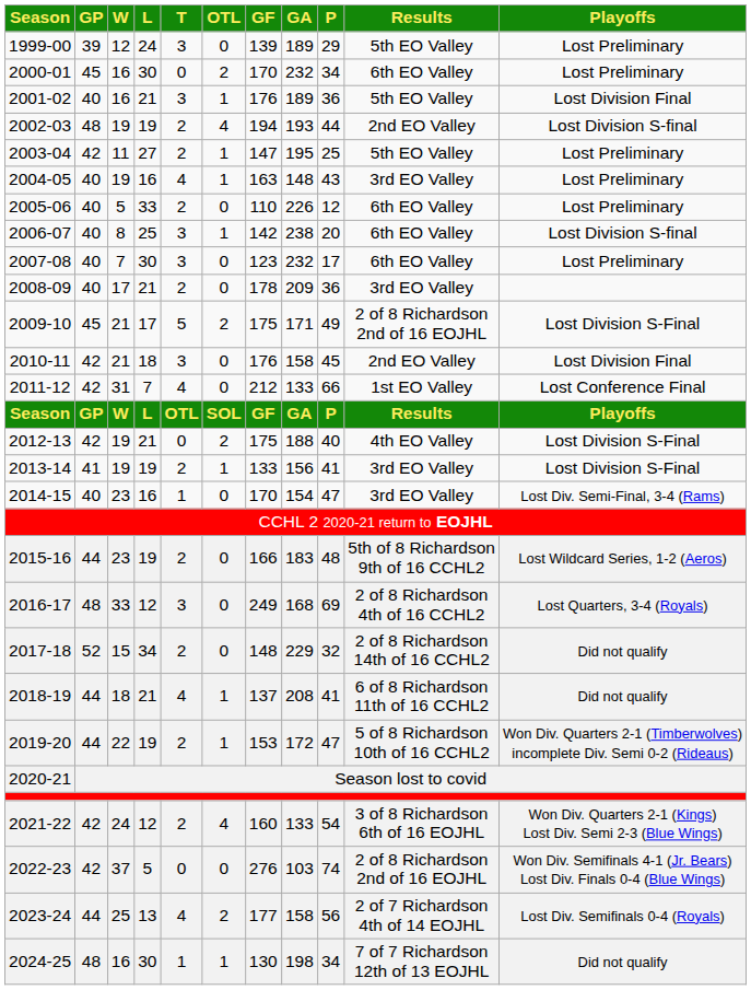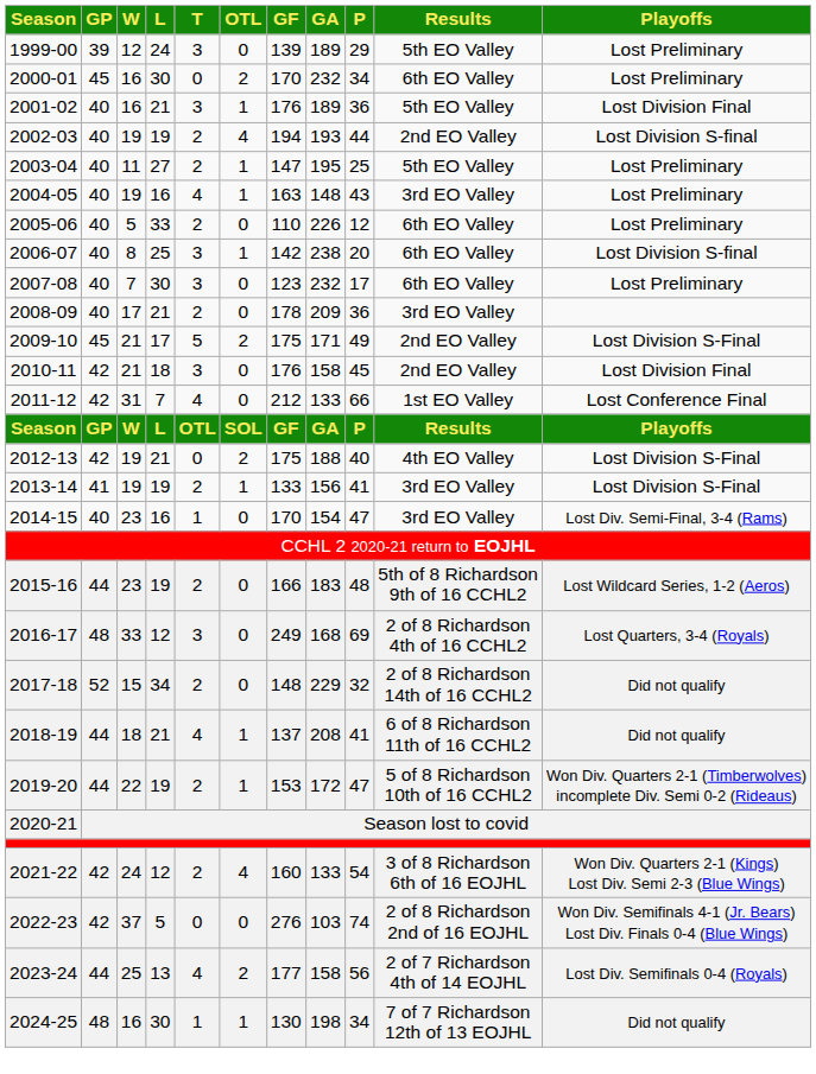 <table class="wikitable">
 <tr align="center" style="color: #FBEC5D" bgcolor="#138808">
 <td><strong>Season</strong></td>
 <td><strong>GP</strong></td>
 <td><strong>W</strong></td>
 <td><strong>L</strong></td>
 <td><strong>T</strong></td>
 <td><strong>OTL</strong></td>
 <td><strong>GF</strong></td>
 <td><strong>GA</strong></td>
 <td><strong>P</strong></td>
 <td><strong>Results</strong></td>
 <td><strong>Playoffs</strong></td>
 </tr>
 <tr align="center">
 <td>1999-00</td>
 <td>39</td>
 <td>12</td>
 <td>24</td>
 <td>3</td>
 <td>0</td>
 <td>139</td>
 <td>189</td>
 <td>29</td>
 <td>5th EO Valley</td>
 <td>Lost Preliminary</td>
 </tr>
 <tr align="center">
 <td>2000-01</td>
 <td>45</td>
 <td>16</td>
 <td>30</td>
 <td>0</td>
 <td>2</td>
 <td>170</td>
 <td>232</td>
 <td>34</td>
 <td>6th EO Valley</td>
 <td>Lost Preliminary</td>
 </tr>
 <tr align="center">
 <td>2001-02</td>
 <td>40</td>
 <td>16</td>
 <td>21</td>
 <td>3</td>
 <td>1</td>
 <td>176</td>
 <td>189</td>
 <td>36</td>
 <td>5th EO Valley</td>
 <td>Lost Division Final</td>
 </tr>
 <tr align="center">
 <td>2002-03</td>
-<td>48</td>
+<td>40</td>
 <td>19</td>
 <td>19</td>
 <td>2</td>
 <td>4</td>
 <td>194</td>
 <td>193</td>
 <td>44</td>
 <td>2nd EO Valley</td>
 <td>Lost Division S-final</td>
 </tr>
 <tr align="center">
 <td>2003-04</td>
-<td>42</td>
+<td>40</td>
 <td>11</td>
 <td>27</td>
 <td>2</td>
 <td>1</td>
 <td>147</td>
 <td>195</td>
 <td>25</td>
 <td>5th EO Valley</td>
 <td>Lost Preliminary</td>
 </tr>
 <tr align="center">
 <td>2004-05</td>
 <td>40</td>
 <td>19</td>
 <td>16</td>
 <td>4</td>
 <td>1</td>
 <td>163</td>
 <td>148</td>
 <td>43</td>
 <td>3rd EO Valley</td>
 <td>Lost Preliminary</td>
 </tr>
 <tr align="center">
 <td>2005-06</td>
 <td>40</td>
 <td>5</td>
 <td>33</td>
 <td>2</td>
 <td>0</td>
 <td>110</td>
 <td>226</td>
 <td>12</td>
 <td>6th EO Valley</td>
 <td>Lost Preliminary</td>
 </tr>
 <tr align="center">
 <td>2006-07</td>
 <td>40</td>
 <td>8</td>
 <td>25</td>
 <td>3</td>
 <td>1</td>
 <td>142</td>
 <td>238</td>
 <td>20</td>
 <td>6th EO Valley</td>
 <td>Lost Division S-final</td>
 </tr>
 <tr align="center">
 <td>2007-08</td>
 <td>40</td>
 <td>7</td>
 <td>30</td>
 <td>3</td>
 <td>0</td>
 <td>123</td>
 <td>232</td>
 <td>17</td>
 <td>6th EO Valley</td>
 <td>Lost Preliminary</td>
 </tr>
 <tr align="center">
 <td>2008-09</td>
 <td>40</td>
 <td>17</td>
 <td>21</td>
 <td>2</td>
 <td>0</td>
 <td>178</td>
 <td>209</td>
 <td>36</td>
 <td>3rd EO Valley</td>
 <td></td>
 </tr>
 <tr align="center">
 <td>2009-10</td>
 <td>45</td>
 <td>21</td>
 <td>17</td>
 <td>5</td>
 <td>2</td>
 <td>175</td>
 <td>171</td>
 <td>49</td>
-<td>2 of 8 Richardson<br>2nd of 16 EOJHL</td>
+<td>2nd EO Valley</td>
 <td>Lost Division S-Final</td>
 </tr>
 <tr align="center">
 <td>2010-11</td>
 <td>42</td>
 <td>21</td>
 <td>18</td>
 <td>3</td>
 <td>0</td>
 <td>176</td>
 <td>158</td>
 <td>45</td>
 <td>2nd EO Valley</td>
 <td>Lost Division Final</td>
 </tr>
 <tr align="center">
 <td>2011-12</td>
 <td>42</td>
 <td>31</td>
 <td>7</td>
 <td>4</td>
 <td>0</td>
 <td>212</td>
 <td>133</td>
 <td>66</td>
 <td>1st EO Valley</td>
 <td>Lost Conference Final</td>
 </tr>
 <tr align="center" style="color: #FBEC5D" bgcolor="#138808">
 <td><strong>Season</strong></td>
 <td><strong>GP</strong></td>
 <td><strong>W</strong></td>
 <td><strong>L</strong></td>
 <td><strong>OTL</strong></td>
 <td><strong>SOL</strong></td>
 <td><strong>GF</strong></td>
 <td><strong>GA</strong></td>
 <td><strong>P</strong></td>
 <td><strong>Results</strong></td>
 <td><strong>Playoffs</strong></td>
 </tr>
 <tr align="center">
 <td>2012-13</td>
 <td>42</td>
 <td>19</td>
 <td>21</td>
 <td>0</td>
 <td>2</td>
 <td>175</td>
 <td>188</td>
 <td>40</td>
 <td>4th EO Valley</td>
 <td>Lost Division S-Final</td>
 </tr>
 <tr align="center">
 <td>2013-14</td>
 <td>41</td>
 <td>19</td>
 <td>19</td>
 <td>2</td>
 <td>1</td>
 <td>133</td>
 <td>156</td>
 <td>41</td>
 <td>3rd EO Valley</td>
 <td>Lost Division S-Final</td>
 </tr>
 <tr align="center">
 <td>2014-15</td>
 <td>40</td>
 <td>23</td>
 <td>16</td>
 <td>1</td>
 <td>0</td>
 <td>170</td>
 <td>154</td>
 <td>47</td>
 <td>3rd EO Valley</td>
 <td><small>Lost Div. Semi-Final, 3-4 (<a href='#'>Rams</a>)</small></td>
 </tr>
 <tr align="center" bgcolor=red style="color: white">
 <td colspan="12">CCHL 2 <small>2020-21 return to</small> <strong>EOJHL</strong></td>
 </tr>
 <tr align="center" bgcolor="#F2F2F2">
 <td>2015-16</td>
 <td>44</td>
 <td>23</td>
 <td>19</td>
 <td>2</td>
 <td>0</td>
 <td>166</td>
 <td>183</td>
 <td>48</td>
 <td>5th of 8 Richardson<br>9th of 16 CCHL2</td>
 <td><small>Lost Wildcard Series, 1-2 (<a href='#'>Aeros</a>)</small></td>
 </tr>
 <tr align="center"  bgcolor="#F2F2F2">
 <td>2016-17</td>
 <td>48</td>
 <td>33</td>
 <td>12</td>
 <td>3</td>
 <td>0</td>
 <td>249</td>
 <td>168</td>
 <td>69</td>
 <td>2 of 8 Richardson<br>4th of 16 CCHL2</td>
 <td><small>Lost Quarters, 3-4 (<a href='#'>Royals</a>)</small></td>
 </tr>
 <tr align="center"  bgcolor="#F2F2F2">
 <td>2017-18</td>
 <td>52</td>
 <td>15</td>
 <td>34</td>
 <td>2</td>
 <td>0</td>
 <td>148</td>
 <td>229</td>
 <td>32</td>
 <td>2 of 8 Richardson<br>14th of 16 CCHL2</td>
 <td><small>Did not qualify</small></td>
 </tr>
 <tr align="center"  bgcolor="#F2F2F2">
 <td>2018-19</td>
 <td>44</td>
 <td>18</td>
 <td>21</td>
 <td>4</td>
 <td>1</td>
 <td>137</td>
 <td>208</td>
 <td>41</td>
 <td>6 of 8 Richardson<br>11th of 16 CCHL2</td>
 <td><small>Did not qualify</small></td>
 </tr>
 <tr align="center"  bgcolor="#F2F2F2">
 <td>2019-20</td>
 <td>44</td>
 <td>22</td>
 <td>19</td>
 <td>2</td>
 <td>1</td>
 <td>153</td>
 <td>172</td>
 <td>47</td>
 <td>5 of 8 Richardson<br>10th of 16 CCHL2</td>
 <td><small>Won Div. Quarters 2-1 (<a href='#'>Timberwolves</a>)<br>incomplete Div. Semi 0-2 (<a href='#'>Rideaus</a>)</small></td>
 </tr>
 <tr align="center"  bgcolor="#F2F2F2">
 <td>2020-21</td>
 <td colspan="10">Season lost to covid</td>
 </tr>
 <tr align="center" bgcolor=red style="color: white">
 <td colspan=11></td>
 </tr>
 <tr align="center"  bgcolor="#F2F2F2">
 <td>2021-22</td>
 <td>42</td>
 <td>24</td>
 <td>12</td>
 <td>2</td>
 <td>4</td>
 <td>160</td>
 <td>133</td>
 <td>54</td>
 <td>3 of 8 Richardson<br>6th of 16 EOJHL</td>
 <td><small>Won Div. Quarters 2-1 (<a href='#'>Kings</a>)<br>Lost Div. Semi 2-3 (<a href='#'>Blue Wings</a>)</small></td>
 </tr>
 <tr align="center"  bgcolor="#F2F2F2">
 <td>2022-23</td>
 <td>42</td>
 <td>37</td>
 <td>5</td>
 <td>0</td>
 <td>0</td>
 <td>276</td>
 <td>103</td>
 <td>74</td>
 <td>2 of 8 Richardson<br>2nd of 16 EOJHL</td>
 <td><small>Won Div. Semifinals 4-1 (<a href='#'>Jr. Bears</a>)<br>Lost Div. Finals 0-4 (<a href='#'>Blue Wings</a>)</small></td>
 </tr>
 <tr align="center"  bgcolor="#F2F2F2">
 <td>2023-24</td>
 <td>44</td>
 <td>25</td>
 <td>13</td>
 <td>4</td>
 <td>2</td>
 <td>177</td>
 <td>158</td>
 <td>56</td>
 <td>2 of 7 Richardson<br>4th of 14 EOJHL</td>
 <td><small>Lost Div. Semifinals 0-4 (<a href='#'>Royals</a>)</small></td>
 </tr>
 <tr align="center"  bgcolor="#F2F2F2">
 <td>2024-25</td>
 <td>48</td>
 <td>16</td>
 <td>30</td>
 <td>1</td>
 <td>1</td>
 <td>130</td>
 <td>198</td>
 <td>34</td>
 <td>7 of 7 Richardson<br>12th of 13 EOJHL</td>
 <td><small>Did not qualify</small></td>
 </tr>
 </table>
